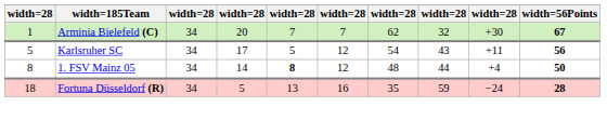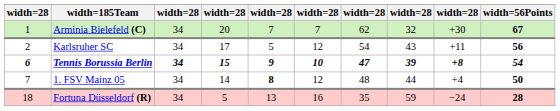 <table class="wikitable">
 <tr align="center" bgcolor="dfdfdf">
 </tr>
 <tr>
 <th>width=28<br></th>
 <th>width=185Team<br></th>
 <th>width=28<br></th>
 <th>width=28<br></th>
 <th>width=28<br></th>
 <th>width=28<br></th>
 <th>width=28<br></th>
 <th>width=28<br></th>
 <th>width=28<br></th>
 <th>width=56Points<br></th>
 </tr>
 <tr align="center" valign="top" bgcolor="D0F0C0">
 <td>1</td>
 <td align=left><a href='#'>Arminia Bielefeld</a> <strong>(C)</strong></td>
 <td>34</td>
 <td>20</td>
 <td>7</td>
 <td>7</td>
 <td>62</td>
 <td>32</td>
 <td>+30</td>
 <td><strong>67</strong></td>
 </tr>
 <tr align="center" valign="top" bgcolor="#ffffff" style="border-top:3px solid grey;">
-<td>5</td>
+<td>2</td>
 <td align=left><a href='#'>Karlsruher SC</a></td>
 <td>34</td>
 <td>17</td>
 <td>5</td>
 <td>12</td>
 <td>54</td>
 <td>43</td>
 <td>+11</td>
 <td><strong>56</strong></td>
 </tr>
 <tr align="center" valign="top" bgcolor="#ffffff">
-<td>8</td>
+<td><strong><em>6</em></strong></td>
+<td align=left><strong><em><a href='#'>Tennis Borussia Berlin</a></em></strong></td>
+<td><strong><em>34</em></strong></td>
+<td><strong><em>15</em></strong></td>
+<td><strong><em>9</em></strong></td>
+<td><strong><em>10</em></strong></td>
+<td><strong><em>47</em></strong></td>
+<td><strong><em>39</em></strong></td>
+<td><strong><em>+8</em></strong></td>
+<td><strong><em>54</em></strong></td>
+</tr>
+<tr align="center" valign="top" bgcolor="#ffffff">
+<td>7</td>
 <td align=left><a href='#'>1. FSV Mainz 05</a></td>
 <td>34</td>
 <td>14</td>
 <td><strong>8</strong></td>
 <td>12</td>
 <td>48</td>
 <td>44</td>
 <td>+4</td>
 <td><strong>50</strong></td>
 </tr>
 <tr align="center" valign="top" bgcolor="#FFCCCC" style="border-top:3px solid grey;">
 <td>18</td>
 <td align=left><a href='#'>Fortuna Düsseldorf</a> <strong>(R)</strong></td>
 <td>34</td>
 <td>5</td>
 <td>13</td>
 <td>16</td>
 <td>35</td>
 <td>59</td>
 <td>−24</td>
 <td><strong>28</strong></td>
 </tr>
 </table>
